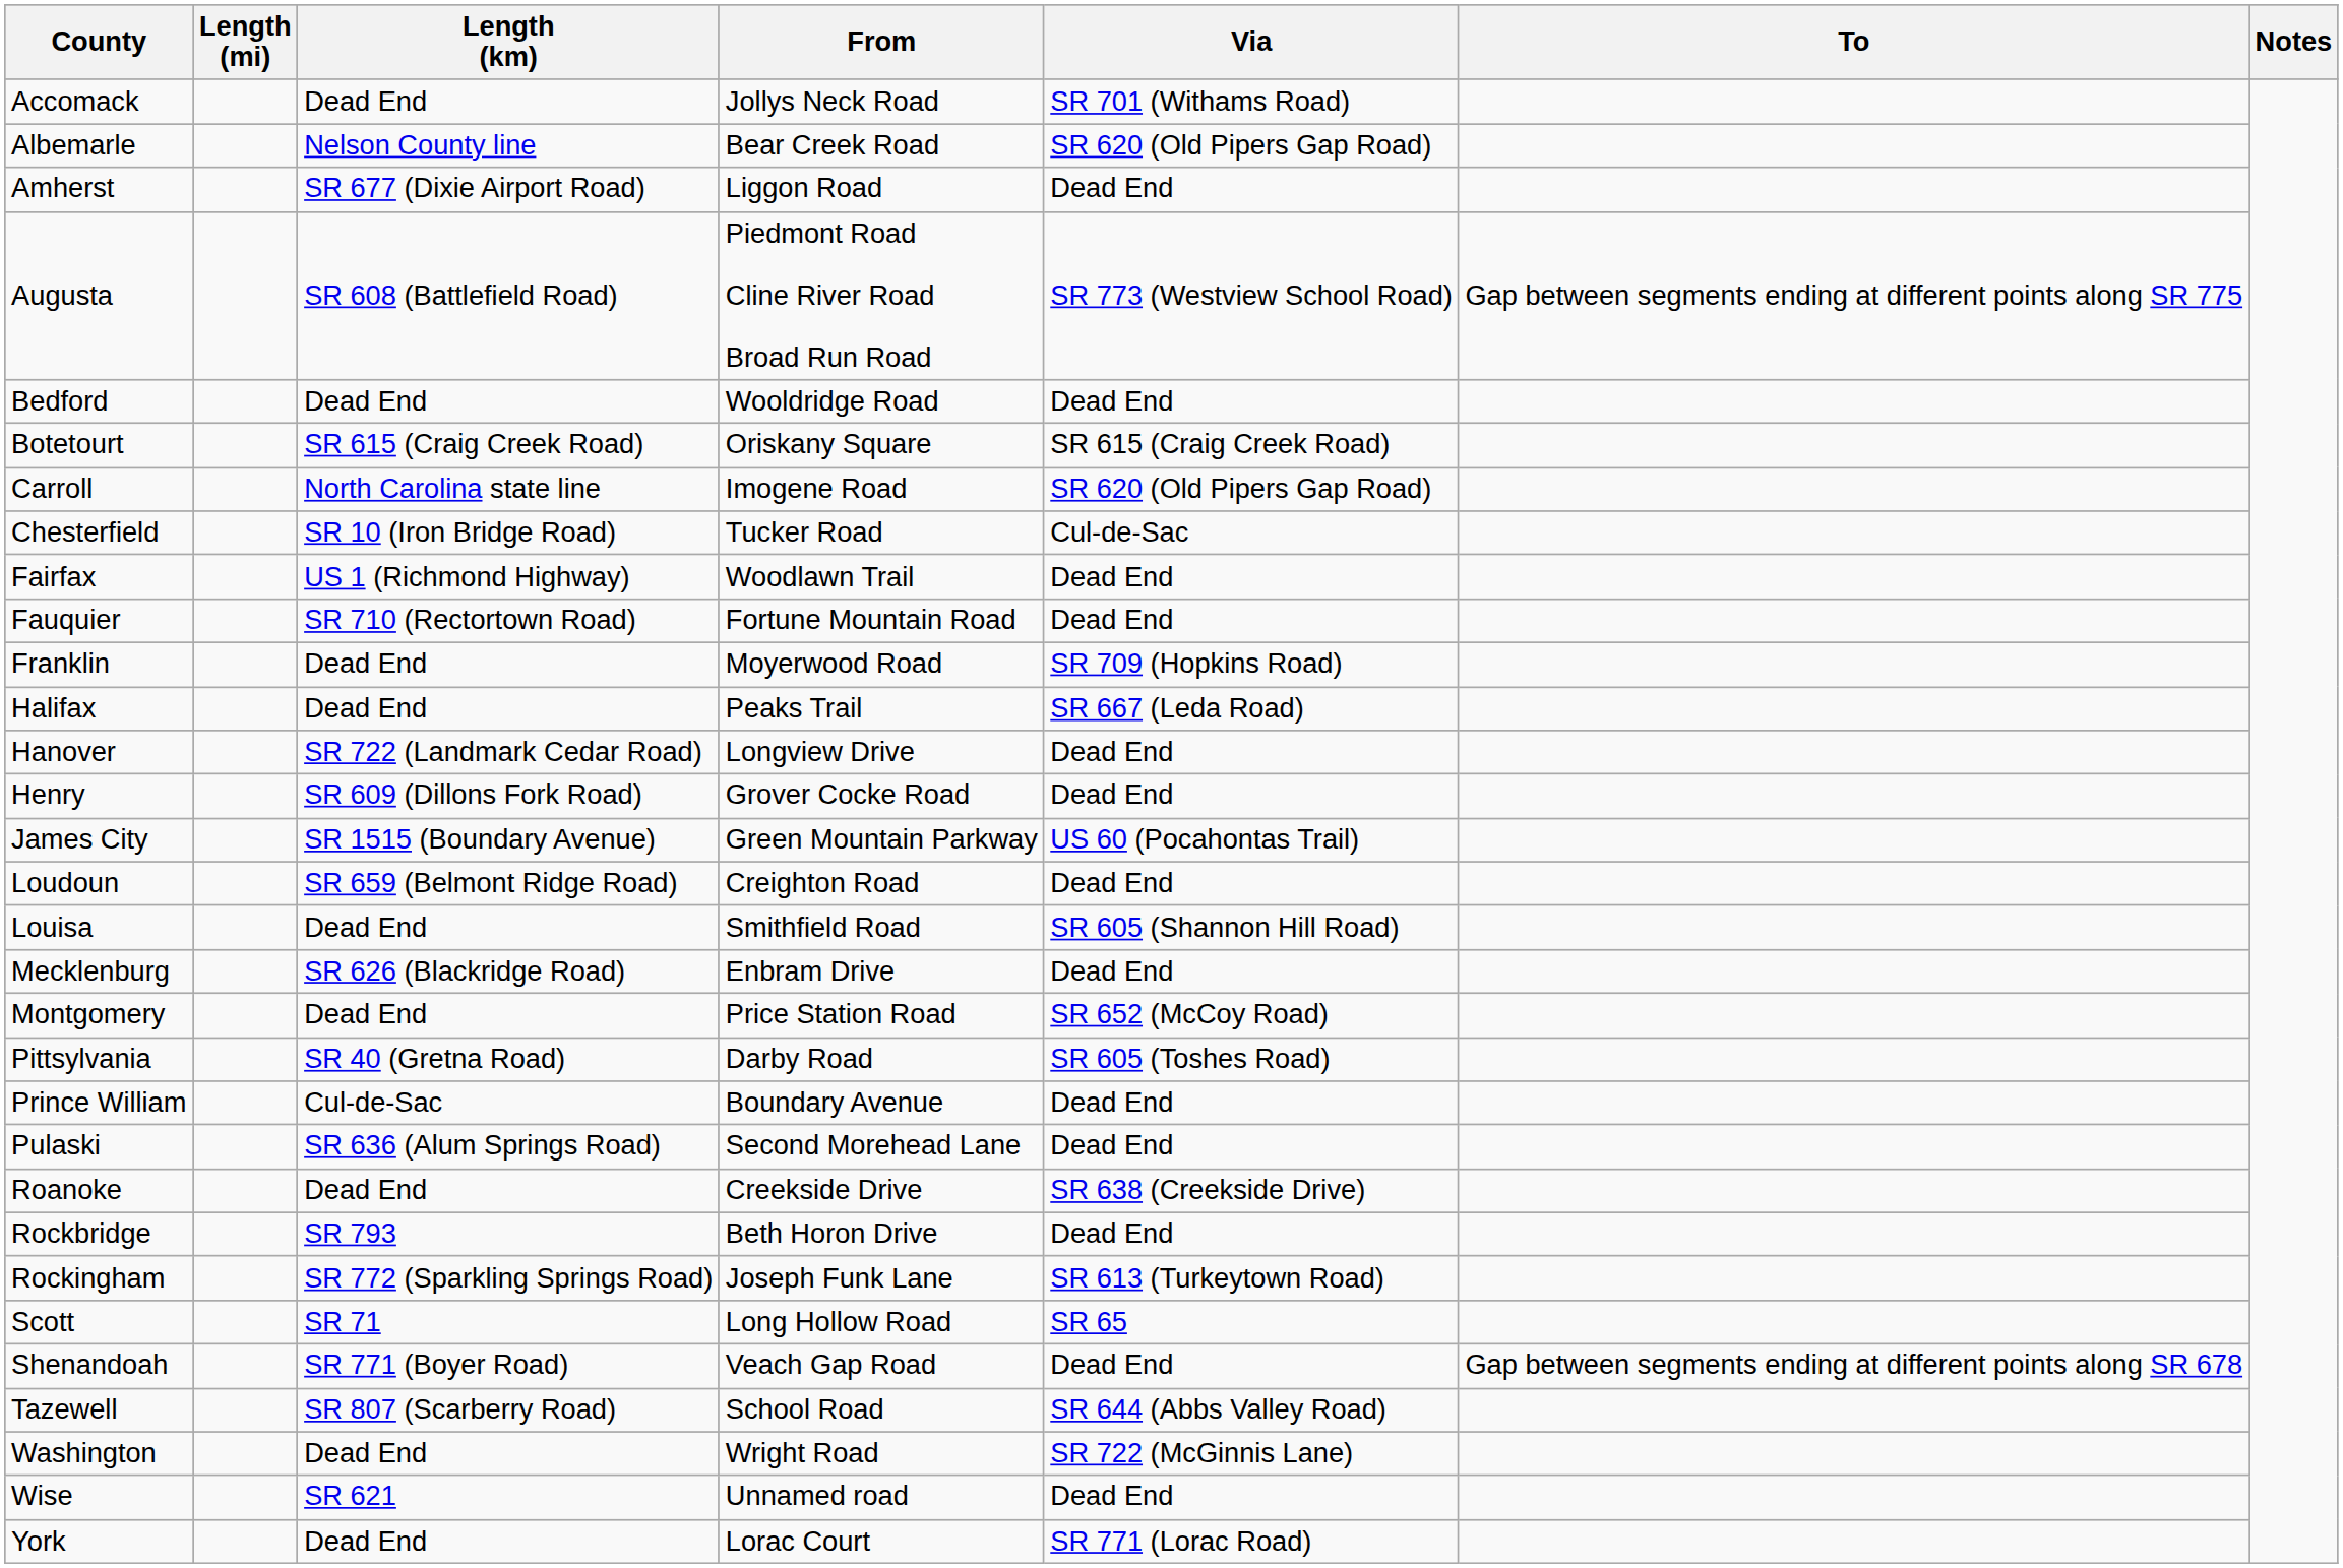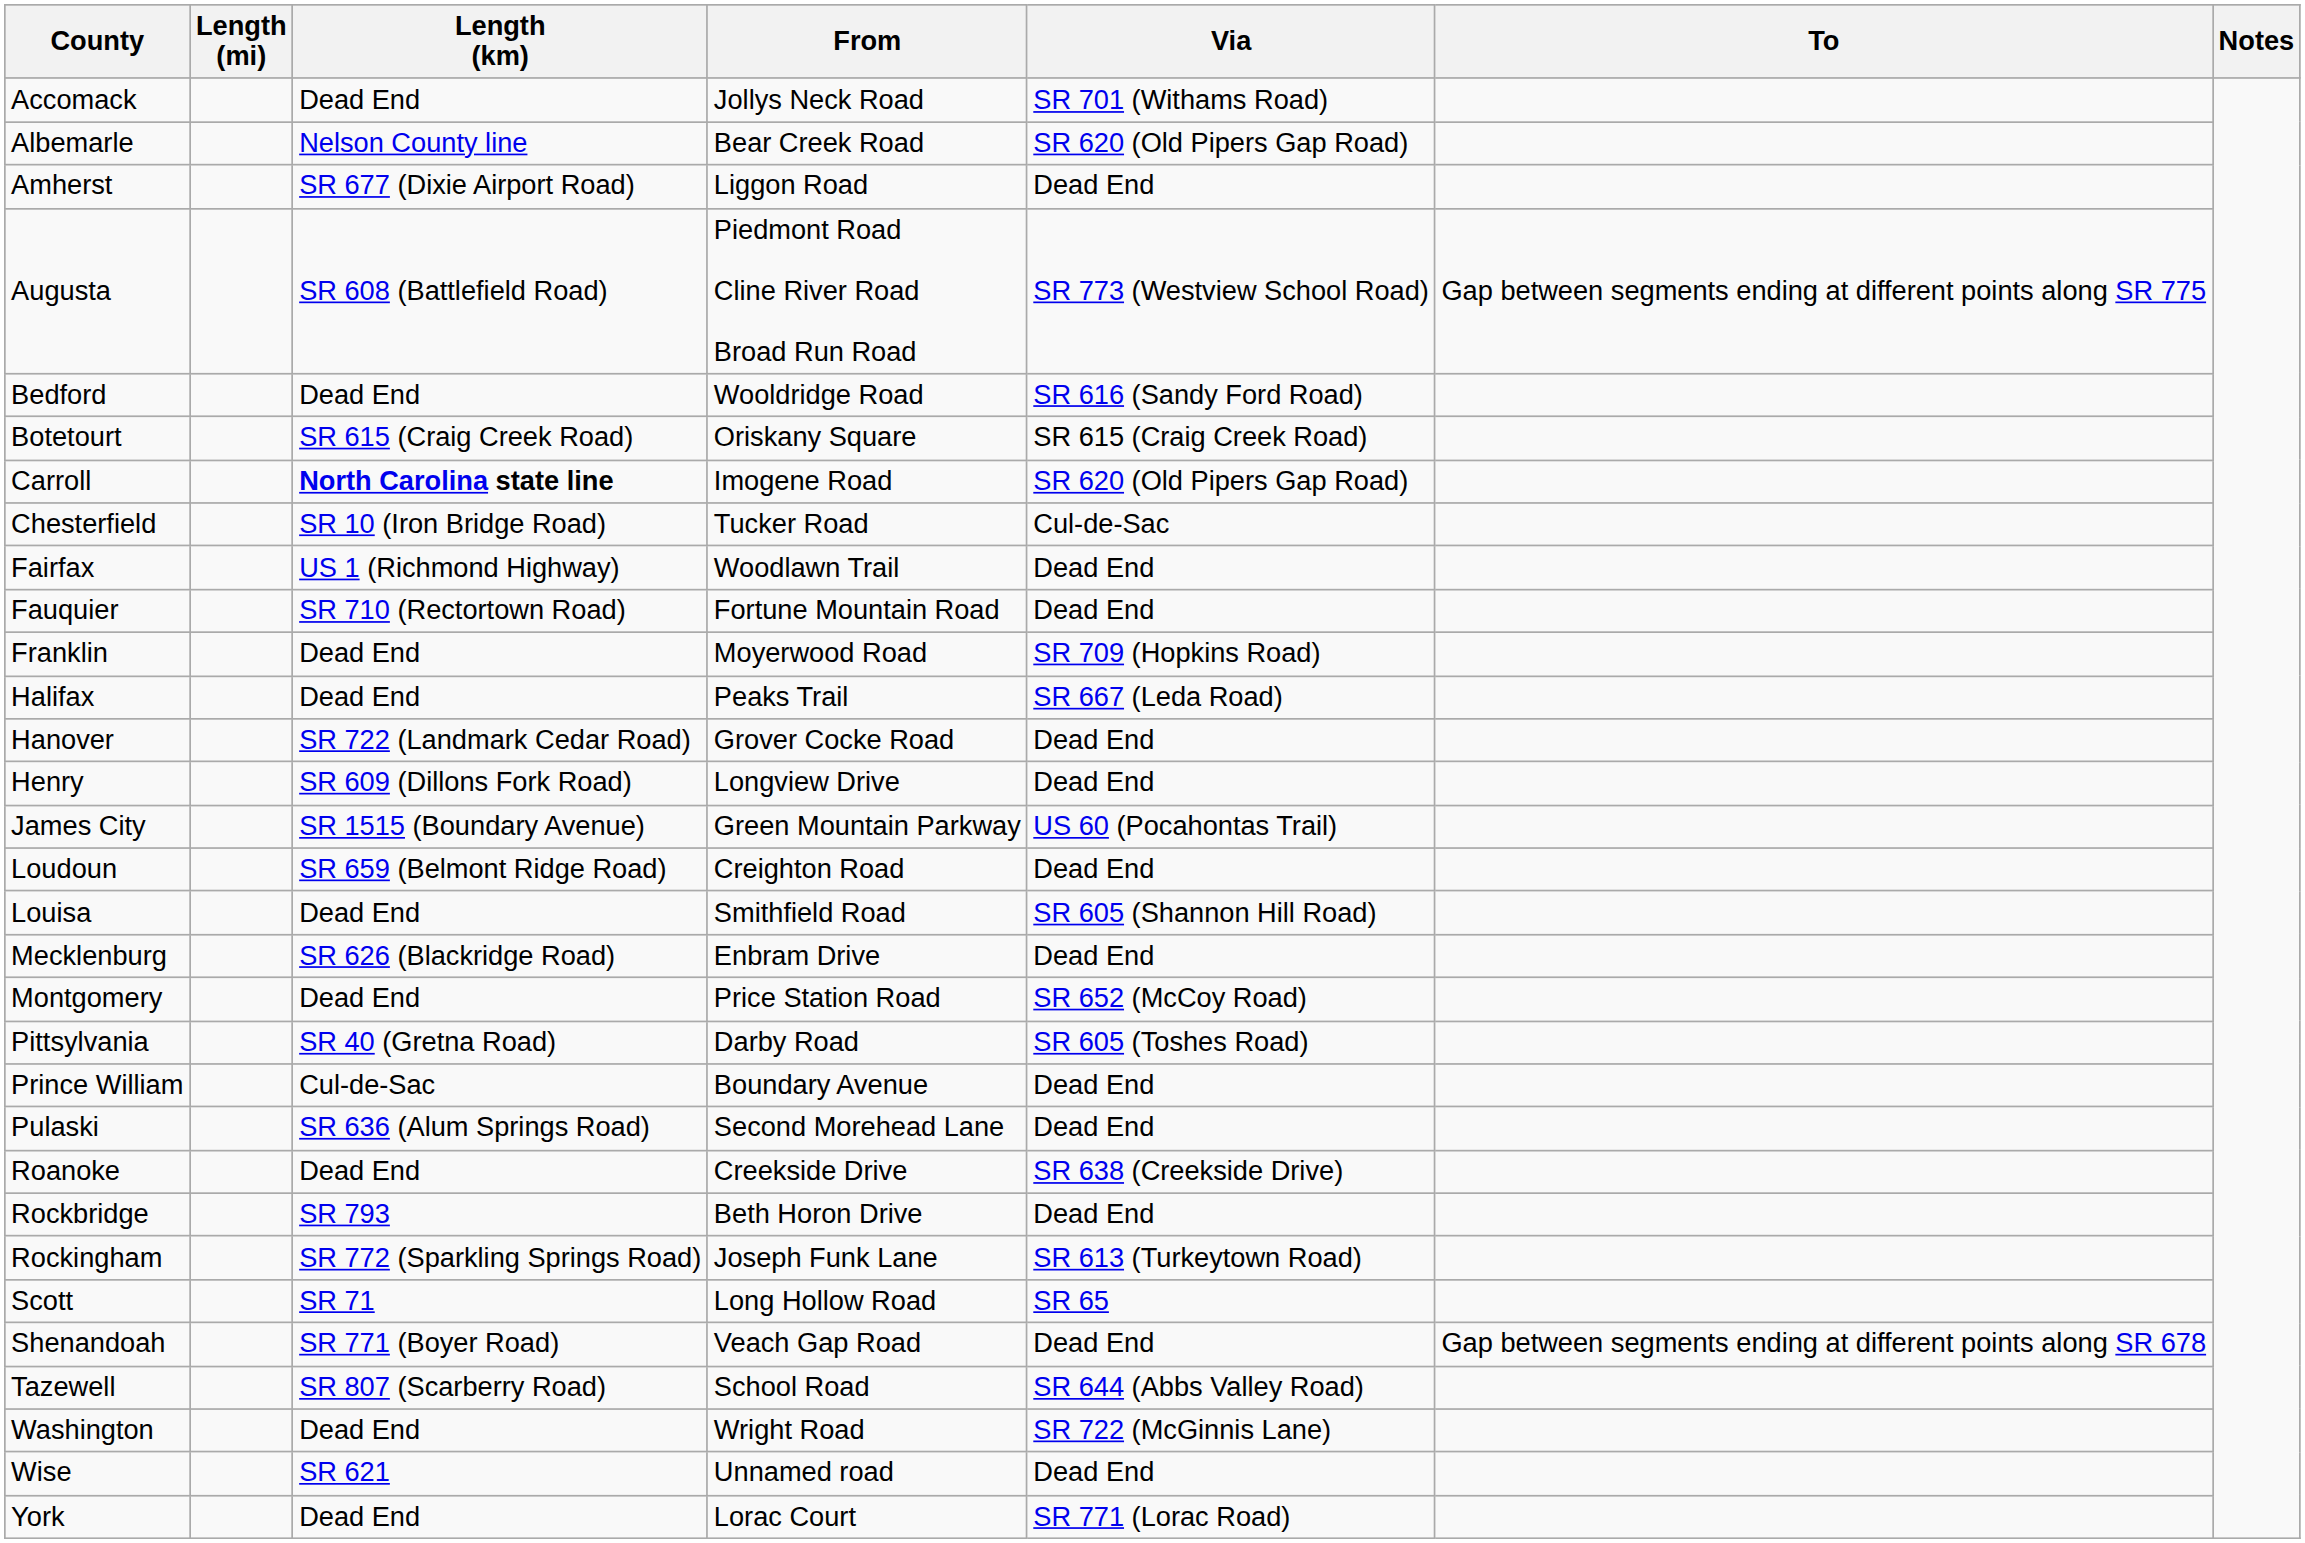 <table class="wikitable sortable">
 <tr>
 <th>County</th>
 <th>Length<br>(mi)</th>
 <th>Length<br>(km)</th>
 <th class="unsortable">From</th>
 <th class="unsortable">Via</th>
 <th class="unsortable">To</th>
 <th class="unsortable">Notes</th>
 </tr>
 <tr>
 <td id="Accomack">Accomack</td>
 <td></td>
 <td>Dead End</td>
 <td>Jollys Neck Road</td>
 <td><a href='#'>SR 701</a> (Withams Road)</td>
 <td></td>
 </tr>
 <tr>
 <td id="Albemarle">Albemarle</td>
 <td></td>
 <td><a href='#'>Nelson County line</a></td>
 <td>Bear Creek Road</td>
 <td><a href='#'>SR 620</a> (Old Pipers Gap Road)</td>
 <td><br> </td>
 </tr>
 <tr>
 <td id="Amherst">Amherst</td>
 <td></td>
 <td><a href='#'>SR 677</a> (Dixie Airport Road)</td>
 <td>Liggon Road</td>
 <td>Dead End</td>
 <td><br> </td>
 </tr>
 <tr>
 <td id="Augusta">Augusta</td>
 <td></td>
 <td><a href='#'>SR 608</a> (Battlefield Road)</td>
 <td>Piedmont Road<br><br>Cline River Road<br><br>Broad Run Road</td>
 <td><a href='#'>SR 773</a> (Westview School Road)</td>
 <td>Gap between segments ending at different points along <a href='#'>SR 775</a><br></td>
 </tr>
 <tr>
 <td id="Bedford">Bedford</td>
 <td></td>
 <td>Dead End</td>
 <td>Wooldridge Road</td>
-<td>Dead End</td>
+<td><a href='#'>SR 616</a> (Sandy Ford Road)</td>
 <td><br></td>
 </tr>
 <tr>
 <td id="Botetourt">Botetourt</td>
 <td></td>
 <td><a href='#'>SR 615</a> (Craig Creek Road)</td>
 <td>Oriskany Square</td>
 <td>SR 615 (Craig Creek Road)</td>
 <td><br>    </td>
 </tr>
 <tr>
 <td id="Carroll">Carroll</td>
 <td></td>
-<td><a href='#'>North Carolina</a> state line</td>
+<td><strong><a href='#'>North Carolina</a> state line</strong></td>
 <td>Imogene Road</td>
 <td><a href='#'>SR 620</a> (Old Pipers Gap Road)</td>
 <td><br> </td>
 </tr>
 <tr>
 <td id="Chesterfield">Chesterfield</td>
 <td></td>
 <td><a href='#'>SR 10</a> (Iron Bridge Road)</td>
 <td>Tucker Road</td>
 <td>Cul-de-Sac</td>
 <td><br>      </td>
 </tr>
 <tr>
 <td id="Fairfax">Fairfax</td>
 <td></td>
 <td><a href='#'>US 1</a> (Richmond Highway)</td>
 <td>Woodlawn Trail</td>
 <td>Dead End</td>
 <td></td>
 </tr>
 <tr>
 <td id="Fauquier">Fauquier</td>
 <td></td>
 <td><a href='#'>SR 710</a> (Rectortown Road)</td>
 <td>Fortune Mountain Road</td>
 <td>Dead End</td>
 <td><br> </td>
 </tr>
 <tr>
 <td id="Franklin">Franklin</td>
 <td></td>
 <td>Dead End</td>
 <td>Moyerwood Road</td>
 <td><a href='#'>SR 709</a> (Hopkins Road)</td>
 <td><br>      </td>
 </tr>
 <tr>
 <td id="Halifax">Halifax</td>
 <td></td>
 <td>Dead End</td>
 <td>Peaks Trail</td>
 <td><a href='#'>SR 667</a> (Leda Road)</td>
 <td></td>
 </tr>
 <tr>
 <td id="Hanover">Hanover</td>
 <td></td>
 <td><a href='#'>SR 722</a> (Landmark Cedar Road)</td>
-<td>Longview Drive</td>
+<td>Grover Cocke Road</td>
 <td>Dead End</td>
 <td><br></td>
 </tr>
 <tr>
 <td id="Henry">Henry</td>
 <td></td>
 <td><a href='#'>SR 609</a> (Dillons Fork Road)</td>
-<td>Grover Cocke Road</td>
+<td>Longview Drive</td>
 <td>Dead End</td>
 <td><br> </td>
 </tr>
 <tr>
 <td id="James City">James City</td>
 <td></td>
 <td><a href='#'>SR 1515</a> (Boundary Avenue)</td>
 <td>Green Mountain Parkway</td>
 <td><a href='#'>US 60</a> (Pocahontas Trail)</td>
 <td><br>    </td>
 </tr>
 <tr>
 <td id="Loudoun">Loudoun</td>
 <td></td>
 <td><a href='#'>SR 659</a> (Belmont Ridge Road)</td>
 <td>Creighton Road</td>
 <td>Dead End</td>
 <td></td>
 </tr>
 <tr>
 <td id="Louisa">Louisa</td>
 <td></td>
 <td>Dead End</td>
 <td>Smithfield Road</td>
 <td><a href='#'>SR 605</a> (Shannon Hill Road)</td>
 <td><br>  </td>
 </tr>
 <tr>
 <td id="Mecklenburg">Mecklenburg</td>
 <td></td>
 <td><a href='#'>SR 626</a> (Blackridge Road)</td>
 <td>Enbram Drive</td>
 <td>Dead End</td>
 <td><br></td>
 </tr>
 <tr>
 <td id="Montgomery">Montgomery</td>
 <td></td>
 <td>Dead End</td>
 <td>Price Station Road</td>
 <td><a href='#'>SR 652</a> (McCoy Road)</td>
 <td><br>       </td>
 </tr>
 <tr>
 <td id="Pittsylvania">Pittsylvania</td>
 <td></td>
 <td><a href='#'>SR 40</a> (Gretna Road)</td>
 <td>Darby Road</td>
 <td><a href='#'>SR 605</a> (Toshes Road)</td>
 <td><br>  </td>
 </tr>
 <tr>
 <td id="Prince William">Prince William</td>
 <td></td>
 <td>Cul-de-Sac</td>
 <td>Boundary Avenue</td>
 <td>Dead End</td>
 <td></td>
 </tr>
 <tr>
 <td id="Pulaski">Pulaski</td>
 <td></td>
 <td><a href='#'>SR 636</a> (Alum Springs Road)</td>
 <td>Second Morehead Lane</td>
 <td>Dead End</td>
 <td><br> </td>
 </tr>
 <tr>
 <td id="Roanoke">Roanoke</td>
 <td></td>
 <td>Dead End</td>
 <td>Creekside Drive</td>
 <td><a href='#'>SR 638</a> (Creekside Drive)</td>
 <td></td>
 </tr>
 <tr>
 <td id="Rockbridge">Rockbridge</td>
 <td></td>
 <td><a href='#'>SR 793</a></td>
 <td>Beth Horon Drive</td>
 <td>Dead End</td>
 <td></td>
 </tr>
 <tr>
 <td id="Rockingham">Rockingham</td>
 <td></td>
 <td><a href='#'>SR 772</a> (Sparkling Springs Road)</td>
 <td>Joseph Funk Lane</td>
 <td><a href='#'>SR 613</a> (Turkeytown Road)</td>
 <td><br></td>
 </tr>
 <tr>
 <td id="Scott">Scott</td>
 <td></td>
 <td><a href='#'>SR 71</a></td>
 <td>Long Hollow Road</td>
 <td><a href='#'>SR 65</a></td>
 <td></td>
 </tr>
 <tr>
 <td id="Shenandoah">Shenandoah</td>
 <td></td>
 <td><a href='#'>SR 771</a> (Boyer Road)</td>
 <td>Veach Gap Road</td>
 <td>Dead End</td>
 <td>Gap between segments ending at different points along <a href='#'>SR 678</a><br>     </td>
 </tr>
 <tr>
 <td id="Tazewell">Tazewell</td>
 <td></td>
 <td><a href='#'>SR 807</a> (Scarberry Road)</td>
 <td>School Road</td>
 <td><a href='#'>SR 644</a> (Abbs Valley Road)</td>
 <td><br></td>
 </tr>
 <tr>
 <td id="Washington">Washington</td>
 <td></td>
 <td>Dead End</td>
 <td>Wright Road</td>
 <td><a href='#'>SR 722</a> (McGinnis Lane)</td>
 <td><br></td>
 </tr>
 <tr>
 <td id="Wise">Wise</td>
 <td></td>
 <td><a href='#'>SR 621</a></td>
 <td>Unnamed road</td>
 <td>Dead End</td>
 <td><br></td>
 </tr>
 <tr>
 <td id="York">York</td>
 <td></td>
 <td>Dead End</td>
 <td>Lorac Court</td>
 <td><a href='#'>SR 771</a> (Lorac Road)</td>
 <td></td>
 </tr>
 </table>
